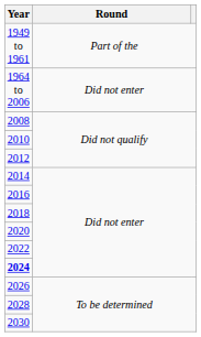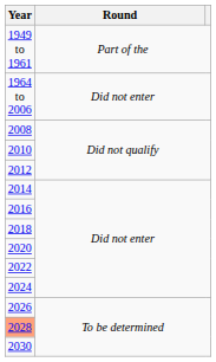 <table class="wikitable" style="text-align: center; font-size:90%">
 <tr>
 <th>Year</th>
 <th style="width:200px">Round</th>
 <th></th>
 </tr>
 <tr>
 <td><a href='#'>1949</a><br>to<br><a href='#'>1961</a></td>
 <td colspan="2"><em>Part of the </em></td>
 </tr>
 <tr>
 <td><a href='#'>1964</a><br>to<br><a href='#'>2006</a></td>
 <td colspan="2"><em>Did not enter</em></td>
 </tr>
 <tr>
 <td><a href='#'>2008</a></td>
 <td colspan="2" rowspan="3"><em>Did not qualify</em></td>
 </tr>
 <tr>
 <td><a href='#'>2010</a></td>
 </tr>
 <tr>
 <td><a href='#'>2012</a></td>
 </tr>
 <tr>
 <td><a href='#'>2014</a></td>
 <td colspan="2" rowspan="6"><em>Did not enter</em></td>
 </tr>
 <tr>
 <td><a href='#'>2016</a></td>
 </tr>
 <tr>
 <td><a href='#'>2018</a></td>
 </tr>
 <tr>
 <td><a href='#'>2020</a></td>
 </tr>
 <tr>
 <td><a href='#'>2022</a></td>
 </tr>
 <tr>
-<td><strong><a href='#'>2024</a></strong></td>
+<td><a href='#'>2024</a></td>
 </tr>
 <tr>
 <td><a href='#'>2026</a></td>
 <td colspan="2" rowspan="3"><em>To be determined</em></td>
 </tr>
 <tr>
-<td><a href='#'>2028</a></td>
+<td style="background: lightsalmon;"><a href='#'>2028</a></td>
 </tr>
 <tr>
 <td><a href='#'>2030</a></td>
 </tr>
 </table>
